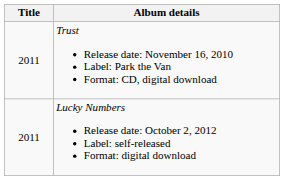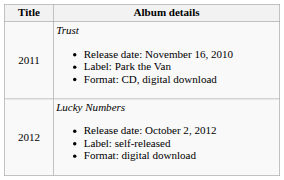 <table class="wikitable plainrowheaders" style="text-align:center;">
 <tr>
 <th scope="col" style="width:4em;">Title</th>
 <th scope="col" style="width:20em;">Album details</th>
 </tr>
 <tr>
 <td>2011</td>
 <td align=left><em>Trust</em><br><ul><li>Release date: November 16, 2010</li><li>Label: Park the Van</li><li>Format: CD, digital download</li></ul></td>
 </tr>
 <tr>
-<td>2011</td>
+<td>2012</td>
 <td align=left><em>Lucky Numbers</em><br><ul><li>Release date: October 2, 2012</li><li>Label: self-released</li><li>Format: digital download</li></ul></td>
 </tr>
 </table>
